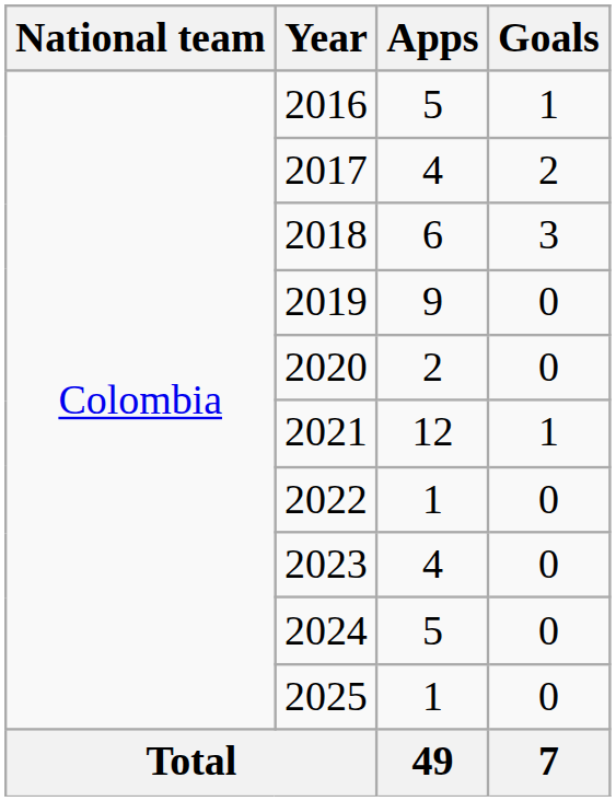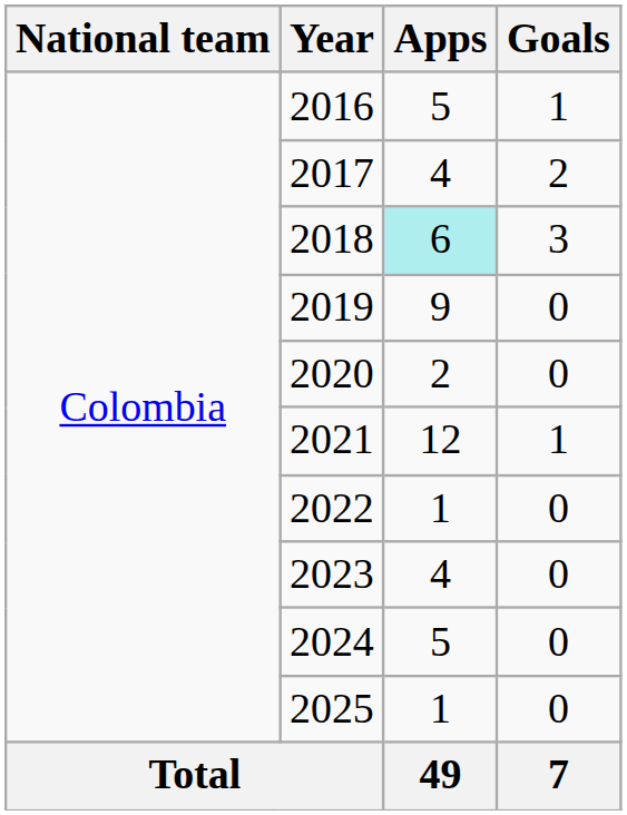 <table class="wikitable" style="text-align:center">
 <tr>
 <th>National team</th>
 <th>Year</th>
 <th>Apps</th>
 <th>Goals</th>
 </tr>
 <tr>
 <td rowspan="10"><a href='#'>Colombia</a></td>
 <td>2016</td>
 <td>5</td>
 <td>1</td>
 </tr>
 <tr>
 <td>2017</td>
 <td>4</td>
 <td>2</td>
 </tr>
 <tr>
 <td>2018</td>
-<td>6</td>
+<td style="background: paleturquoise;">6</td>
 <td>3</td>
 </tr>
 <tr>
 <td>2019</td>
 <td>9</td>
 <td>0</td>
 </tr>
 <tr>
 <td>2020</td>
 <td>2</td>
 <td>0</td>
 </tr>
 <tr>
 <td>2021</td>
 <td>12</td>
 <td>1</td>
 </tr>
 <tr>
 <td>2022</td>
 <td>1</td>
 <td>0</td>
 </tr>
 <tr>
 <td>2023</td>
 <td>4</td>
 <td>0</td>
 </tr>
 <tr>
 <td>2024</td>
 <td>5</td>
 <td>0</td>
 </tr>
 <tr>
 <td>2025</td>
 <td>1</td>
 <td>0</td>
 </tr>
 <tr>
 <th colspan="2">Total</th>
 <th>49</th>
 <th>7</th>
 </tr>
 </table>
